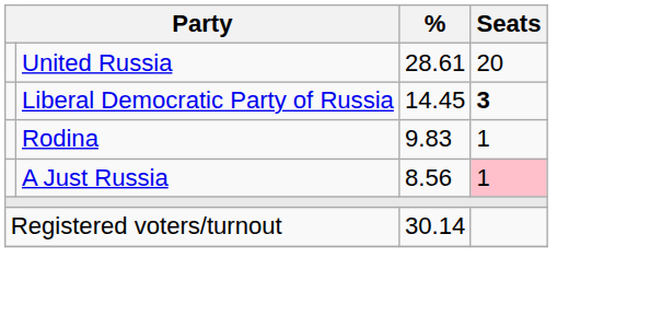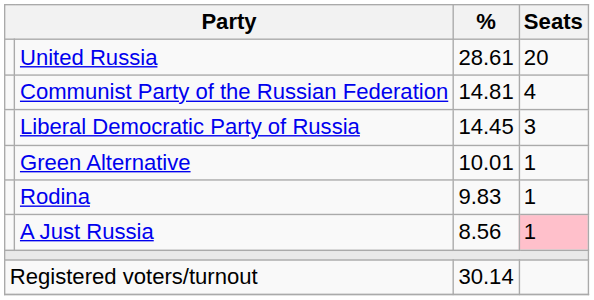 <table class="wikitable">
 <tr>
 <th colspan=2>Party</th>
 <th>%</th>
 <th>Seats</th>
 </tr>
 <tr>
 <td style="background:"></td>
 <td><a href='#'>United Russia</a></td>
 <td>28.61</td>
 <td>20</td>
 </tr>
 <tr>
 <td style="background:"></td>
+<td><a href='#'>Communist Party of the Russian Federation</a></td>
+<td>14.81</td>
+<td>4</td>
+</tr>
+<tr>
+<td style="background:"></td>
 <td><a href='#'>Liberal Democratic Party of Russia</a></td>
 <td>14.45</td>
-<td><strong>3</strong></td>
+<td>3</td>
+</tr>
+<tr>
+<td style="background:"></td>
+<td><a href='#'>Green Alternative</a></td>
+<td>10.01</td>
+<td>1</td>
 </tr>
 <tr>
 <td style="background:"></td>
 <td><a href='#'>Rodina</a></td>
 <td>9.83</td>
 <td>1</td>
 </tr>
 <tr>
 <td style="background:"></td>
 <td><a href='#'>A Just Russia</a></td>
 <td>8.56</td>
 <td style="background: pink;">1</td>
 </tr>
 <tr>
 <td colspan=4 style="background:#E9E9E9;"></td>
 </tr>
 <tr>
 <td align=left colspan=2>Registered voters/turnout</td>
 <td>30.14</td>
 <td></td>
 </tr>
 <tr>
 </tr>
 </table>
